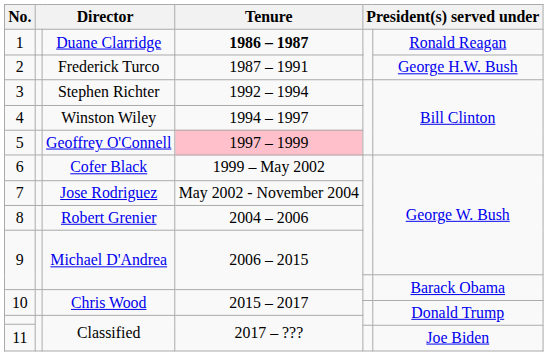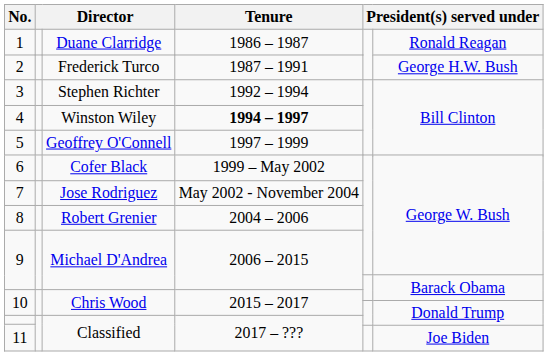 <table class="wikitable" style="text-align:center">
 <tr>
 <th>No.</th>
 <th colspan="2">Director</th>
 <th>Tenure</th>
 <th colspan="2">President(s) served under</th>
 </tr>
 <tr>
 <td>1</td>
 <td></td>
 <td><a href='#'>Duane Clarridge</a></td>
-<td><strong>1986 – 1987</strong></td>
+<td>1986 – 1987</td>
 <td rowspan="3" style="background: "></td>
 <td rowspan="2"><a href='#'>Ronald Reagan</a></td>
 </tr>
 <tr>
 <td rowspan="2">2</td>
 <td rowspan="2"></td>
 <td rowspan="2">Frederick Turco</td>
 <td rowspan="2">1987 – 1991</td>
 </tr>
 <tr>
 <td><a href='#'>George H.W. Bush</a></td>
 </tr>
 <tr>
 <td>3</td>
 <td></td>
 <td>Stephen Richter</td>
 <td>1992 – 1994</td>
 <td rowspan="4" style="background: "></td>
 <td rowspan="4"><a href='#'>Bill Clinton</a></td>
 </tr>
 <tr>
 <td>4</td>
 <td></td>
 <td>Winston Wiley</td>
-<td>1994 – 1997</td>
+<td><strong>1994 – 1997</strong></td>
 </tr>
 <tr>
 <td>5</td>
 <td></td>
 <td><a href='#'>Geoffrey O'Connell</a></td>
-<td style="background: pink;">1997 – 1999</td>
+<td>1997 – 1999</td>
 </tr>
 <tr>
 <td rowspan="2">6</td>
 <td rowspan="2"></td>
 <td rowspan="2"><a href='#'>Cofer Black</a></td>
 <td rowspan="2">1999 – May 2002</td>
 </tr>
 <tr>
 <td rowspan="4" style="background: "></td>
 <td rowspan="4"><a href='#'>George W. Bush</a></td>
 </tr>
 <tr>
 <td>7</td>
 <td></td>
 <td><a href='#'>Jose Rodriguez</a></td>
 <td>May 2002 - November 2004</td>
 </tr>
 <tr>
 <td>8</td>
 <td></td>
 <td><a href='#'>Robert Grenier</a></td>
 <td>2004 – 2006</td>
 </tr>
 <tr style="height: 45px">
 <td rowspan="2">9</td>
 <td rowspan="2"></td>
 <td rowspan="2"><a href='#'>Michael D'Andrea</a></td>
 <td rowspan="2">2006 – 2015</td>
 </tr>
 <tr style="height: 15px">
 <td rowspan="2" style="background: "></td>
 <td rowspan="2"><a href='#'>Barack Obama</a></td>
 </tr>
 <tr>
 <td rowspan="2">10</td>
 <td rowspan="2"></td>
 <td rowspan="2"><a href='#'>Chris Wood</a></td>
 <td rowspan="2">2015 – 2017</td>
 </tr>
 <tr>
 <td rowspan="3" style="background: "></td>
 <td rowspan="3"><a href='#'>Donald Trump</a></td>
 </tr>
 <tr>
 <td></td>
 <td rowspan="3"></td>
 <td rowspan="3">Classified</td>
 <td rowspan="3">2017 – ???</td>
 </tr>
 <tr>
 <td rowspan="2">11</td>
 </tr>
 <tr>
 <td rowspan="2" style="background: "></td>
 <td><a href='#'>Joe Biden</a></td>
 </tr>
 </table>
